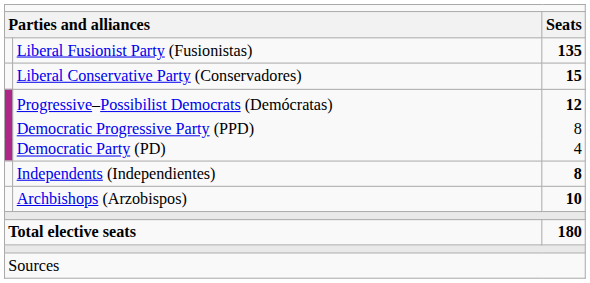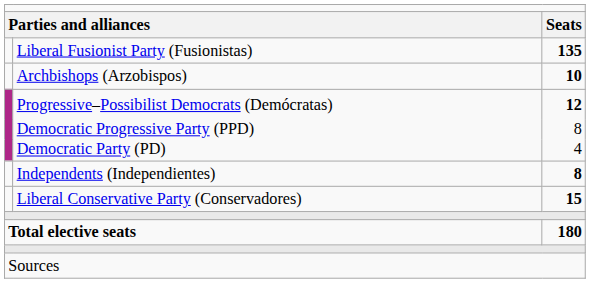 <table class="wikitable" style="text-align:right;">
 <tr>
 <td colspan="3"></td>
 </tr>
 <tr>
 <th style="text-align:left;" colspan="2" width="525">Parties and alliances</th>
 <th width="35">Seats</th>
 </tr>
 <tr>
 <td width="1" style="color:inherit;background:"></td>
 <td align="left"><a href='#'>Liberal Fusionist Party</a> (Fusionistas)</td>
 <td><strong>135</strong></td>
 </tr>
 <tr>
 <td style="color:inherit;background:"></td>
-<td align="left"><a href='#'>Liberal Conservative Party</a> (Conservadores)</td>
-<td><strong>15</strong></td>
+<td align="left"><a href='#'>Archbishops</a> (Arzobispos)</td>
+<td><strong>10</strong></td>
 </tr>
 <tr style="line-height:23px;">
 <td rowspan="3" bgcolor="#AE2788"></td>
 <td align="left"><a href='#'>Progressive</a>–<a href='#'>Possibilist Democrats</a> (Demócratas)</td>
 <td><strong>12</strong></td>
 </tr>
 <tr style="border-bottom-style:hidden; border-top-style:hidden; line-height:14px;">
 <td align="left"><span><a href='#'>Democratic Progressive Party</a> (PPD)</span></td>
 <td>8</td>
 </tr>
 <tr style="line-height:14px;">
 <td align="left"><span><a href='#'>Democratic Party</a> (PD)</span></td>
 <td>4</td>
 </tr>
 <tr>
 <td style="color:inherit;background:"></td>
 <td align="left"><a href='#'>Independents</a> (Independientes)</td>
 <td><strong>8</strong></td>
 </tr>
 <tr>
 <td style="color:inherit;background:"></td>
-<td align="left"><a href='#'>Archbishops</a> (Arzobispos)</td>
-<td><strong>10</strong></td>
+<td align="left"><a href='#'>Liberal Conservative Party</a> (Conservadores)</td>
+<td><strong>15</strong></td>
 </tr>
 <tr>
 <td colspan="3" bgcolor="#E9E9E9"></td>
 </tr>
 <tr style="font-weight:bold;">
 <td align="left" colspan="2">Total elective seats</td>
 <td>180</td>
 </tr>
 <tr>
 <td colspan="3" bgcolor="#E9E9E9"></td>
 </tr>
 <tr>
 <td align="left" colspan="3">Sources</td>
 </tr>
 </table>
